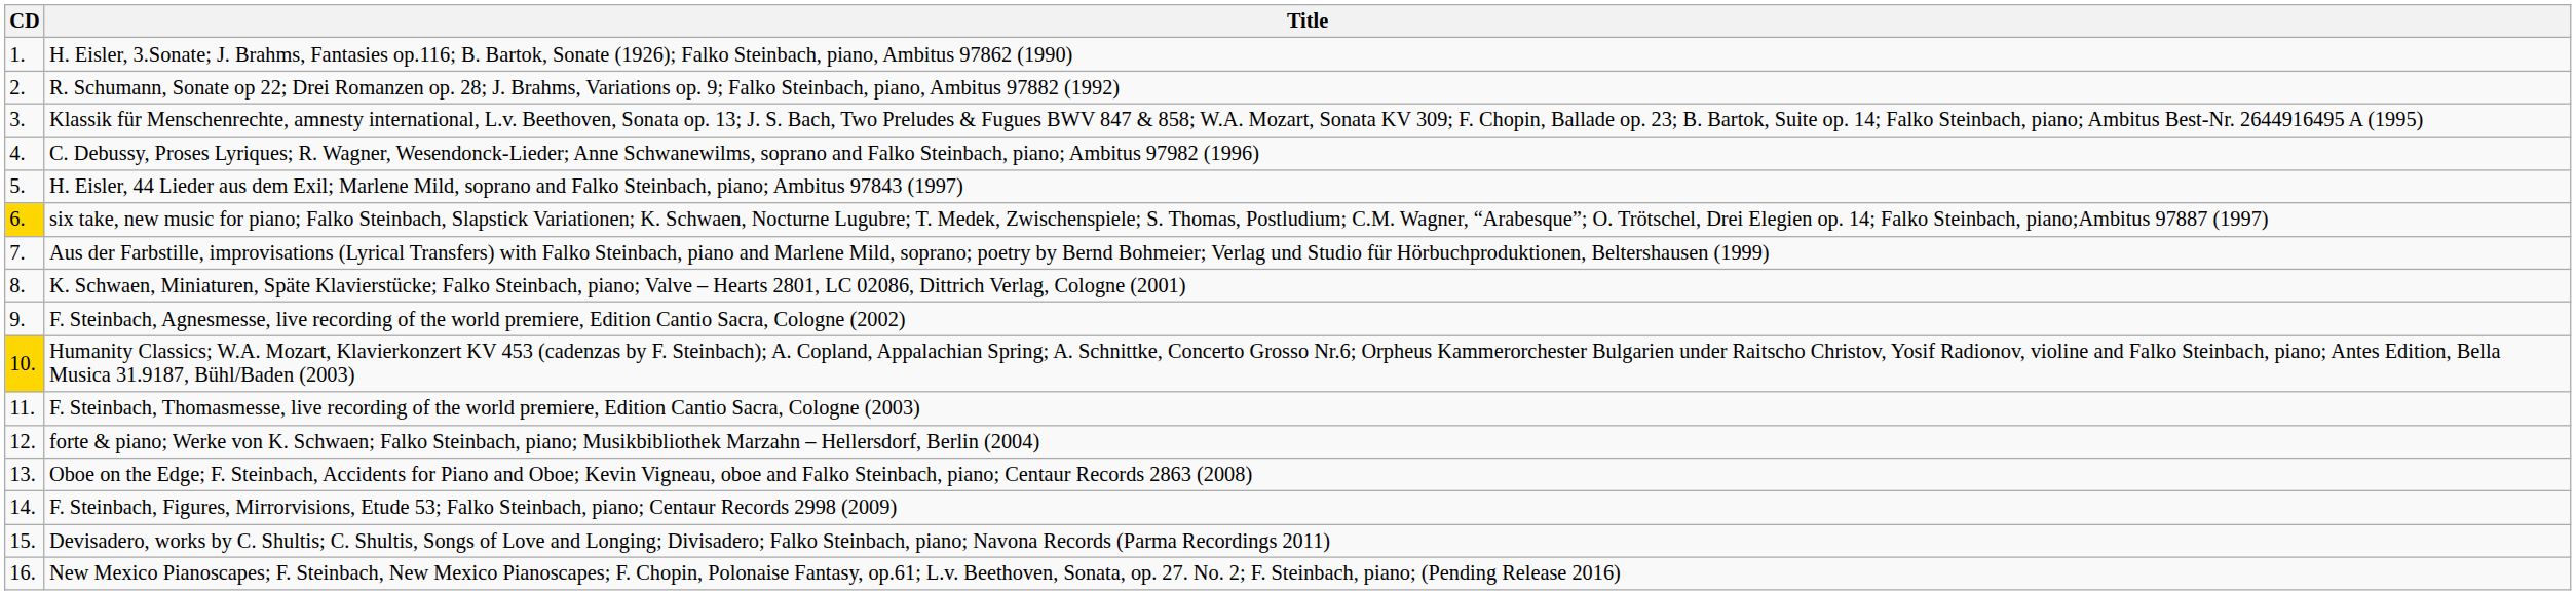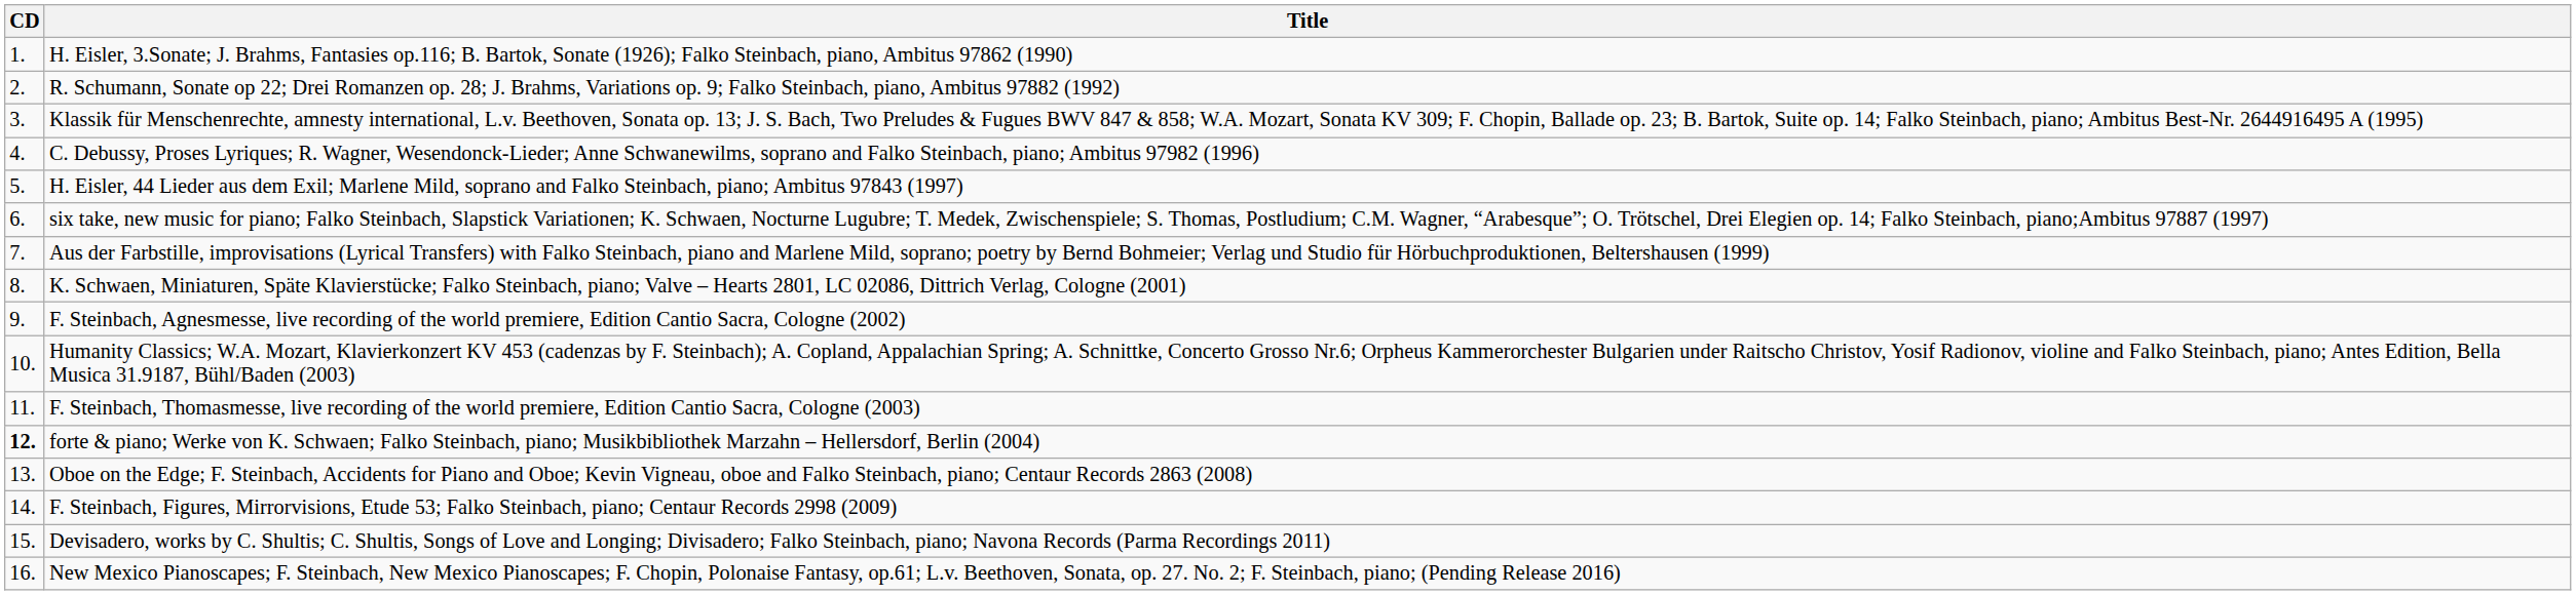 <table class="wikitable">
 <tr>
 <th>CD</th>
 <th>Title</th>
 </tr>
 <tr>
 <td>1.</td>
 <td>H. Eisler, 3.Sonate; J. Brahms, Fantasies op.116; B. Bartok, Sonate (1926); Falko Steinbach, piano, Ambitus 97862 (1990)</td>
 </tr>
 <tr>
 <td>2.</td>
 <td>R. Schumann, Sonate op 22; Drei Romanzen op. 28; J. Brahms, Variations op. 9; Falko Steinbach, piano, Ambitus 97882 (1992)</td>
 </tr>
 <tr>
 <td>3.</td>
 <td>Klassik für Menschenrechte, amnesty international, L.v. Beethoven, Sonata op. 13; J. S. Bach, Two Preludes & Fugues BWV 847 & 858; W.A. Mozart, Sonata KV 309; F. Chopin, Ballade op. 23; B. Bartok, Suite op. 14; Falko Steinbach, piano; Ambitus Best-Nr. 2644916495 A (1995)</td>
 </tr>
 <tr>
 <td>4.</td>
 <td>C. Debussy, Proses Lyriques; R. Wagner, Wesendonck-Lieder; Anne Schwanewilms, soprano and Falko Steinbach, piano; Ambitus 97982 (1996)</td>
 </tr>
 <tr>
 <td>5.</td>
 <td>H. Eisler, 44 Lieder aus dem Exil; Marlene Mild, soprano and Falko Steinbach, piano; Ambitus 97843 (1997)</td>
 </tr>
 <tr>
-<td style="background: gold;">6.</td>
+<td>6.</td>
 <td>six take, new music for piano; Falko Steinbach, Slapstick Variationen; K. Schwaen, Nocturne Lugubre; T. Medek, Zwischenspiele; S. Thomas, Postludium; C.M. Wagner, “Arabesque”; O. Trötschel, Drei Elegien op. 14; Falko Steinbach, piano;Ambitus 97887 (1997)</td>
 </tr>
 <tr>
 <td>7.</td>
 <td>Aus der Farbstille, improvisations (Lyrical Transfers) with Falko Steinbach, piano and Marlene Mild, soprano; poetry by Bernd Bohmeier; Verlag und Studio für Hörbuchproduktionen, Beltershausen (1999)</td>
 </tr>
 <tr>
 <td>8.</td>
 <td>K. Schwaen, Miniaturen, Späte Klavierstücke; Falko Steinbach, piano; Valve – Hearts 2801, LC 02086, Dittrich Verlag, Cologne (2001)</td>
 </tr>
 <tr>
 <td>9.</td>
 <td>F. Steinbach, Agnesmesse, live recording of the world premiere, Edition Cantio Sacra, Cologne (2002)</td>
 </tr>
 <tr>
-<td style="background: gold;">10.</td>
+<td>10.</td>
 <td>Humanity Classics; W.A. Mozart, Klavierkonzert KV 453 (cadenzas by F.  Steinbach); A. Copland, Appalachian Spring; A. Schnittke, Concerto Grosso Nr.6; Orpheus Kammerorchester Bulgarien under Raitscho Christov, Yosif Radionov, violine and Falko Steinbach, piano; Antes Edition, Bella Musica 31.9187, Bühl/Baden (2003)</td>
 </tr>
 <tr>
 <td>11.</td>
 <td>F. Steinbach, Thomasmesse, live recording of the world premiere, Edition Cantio Sacra, Cologne (2003)</td>
 </tr>
 <tr>
-<td>12.</td>
+<td><strong>12.</strong></td>
 <td>forte & piano; Werke von K. Schwaen; Falko Steinbach, piano; Musikbibliothek Marzahn – Hellersdorf, Berlin (2004)</td>
 </tr>
 <tr>
 <td>13.</td>
 <td>Oboe on the Edge; F. Steinbach, Accidents for Piano and Oboe; Kevin Vigneau, oboe and Falko Steinbach, piano; Centaur Records 2863 (2008)</td>
 </tr>
 <tr>
 <td>14.</td>
 <td>F. Steinbach, Figures, Mirrorvisions, Etude 53; Falko Steinbach, piano; Centaur Records 2998 (2009)</td>
 </tr>
 <tr>
 <td>15.</td>
 <td>Devisadero, works by C. Shultis; C. Shultis, Songs of Love and Longing; Divisadero; Falko Steinbach, piano; Navona Records (Parma Recordings 2011)</td>
 </tr>
 <tr>
 <td>16.</td>
 <td>New Mexico Pianoscapes; F. Steinbach, New Mexico Pianoscapes; F. Chopin, Polonaise Fantasy, op.61; L.v. Beethoven, Sonata, op. 27. No. 2; F. Steinbach, piano; (Pending Release 2016)</td>
 </tr>
 </table>
